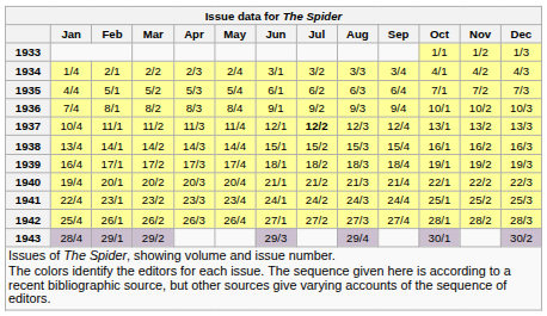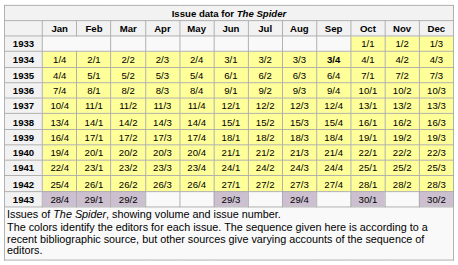 <table class="wikitable collapsible collapsed" style="width:500px; font-size: 8pt; line-height: 9pt; margin-right: 2em; text-align: center; float: left">
 <tr>
 <th colspan="13">Issue data for <em>The Spider</em></th>
 </tr>
 <tr>
 <th></th>
 <th>Jan</th>
 <th>Feb</th>
 <th>Mar</th>
 <th>Apr</th>
 <th>May</th>
 <th>Jun</th>
 <th>Jul</th>
 <th>Aug</th>
 <th>Sep</th>
 <th>Oct</th>
 <th>Nov</th>
 <th>Dec</th>
 </tr>
 <tr>
 <th>1933</th>
 <td colspan="2"></td>
 <td></td>
 <td></td>
 <td></td>
 <td></td>
 <td></td>
 <td></td>
 <td></td>
 <td bgcolor="#ffff99">1/1</td>
 <td bgcolor="#ffff99">1/2</td>
 <td bgcolor="#ffff99">1/3</td>
 </tr>
 <tr>
 <th>1934</th>
 <td bgcolor="#ffff99">1/4</td>
 <td bgcolor="#ffff99">2/1</td>
 <td bgcolor="#ffff99">2/2</td>
 <td bgcolor="#ffff99">2/3</td>
 <td bgcolor="#ffff99">2/4</td>
 <td bgcolor="#ffff99">3/1</td>
 <td bgcolor="#ffff99">3/2</td>
 <td bgcolor="#ffff99">3/3</td>
-<td bgcolor="#ffff99">3/4</td>
+<td bgcolor="#ffff99"><strong>3/4</strong></td>
 <td bgcolor="#ffff99">4/1</td>
 <td bgcolor="#ffff99">4/2</td>
 <td bgcolor="#ffff99">4/3</td>
 </tr>
 <tr>
 <th>1935</th>
 <td bgcolor="#ffff99">4/4</td>
 <td bgcolor="#ffff99">5/1</td>
 <td bgcolor="#ffff99">5/2</td>
 <td bgcolor="#ffff99">5/3</td>
 <td bgcolor="#ffff99">5/4</td>
 <td bgcolor="#ffff99">6/1</td>
 <td bgcolor="#ffff99">6/2</td>
 <td bgcolor="#ffff99">6/3</td>
 <td bgcolor="#ffff99">6/4</td>
 <td bgcolor="#ffff99">7/1</td>
 <td bgcolor="#ffff99">7/2</td>
 <td bgcolor="#ffff99">7/3</td>
 </tr>
 <tr>
 <th>1936</th>
 <td bgcolor="#ffff99">7/4</td>
 <td bgcolor="#ffff99">8/1</td>
 <td bgcolor="#ffff99">8/2</td>
 <td bgcolor="#ffff99">8/3</td>
 <td bgcolor="#ffff99">8/4</td>
 <td bgcolor="#ffff99">9/1</td>
 <td bgcolor="#ffff99">9/2</td>
 <td bgcolor="#ffff99">9/3</td>
 <td bgcolor="#ffff99">9/4</td>
 <td bgcolor="#ffff99">10/1</td>
 <td bgcolor="#ffff99">10/2</td>
 <td bgcolor="#ffff99">10/3</td>
 </tr>
 <tr>
 <th>1937</th>
 <td bgcolor="#ffff99">10/4</td>
 <td bgcolor="#ffff99">11/1</td>
 <td bgcolor="#ffff99">11/2</td>
 <td bgcolor="#ffff99">11/3</td>
 <td bgcolor="#ffff99">11/4</td>
 <td bgcolor="#ffff99">12/1</td>
-<td bgcolor="#ffff99"><strong>12/2</strong></td>
+<td bgcolor="#ffff99">12/2</td>
 <td bgcolor="#ffff99">12/3</td>
 <td bgcolor="#ffff99">12/4</td>
 <td bgcolor="#ffff99">13/1</td>
 <td bgcolor="#ffff99">13/2</td>
 <td bgcolor="#ffff99">13/3</td>
 </tr>
 <tr>
 <th>1938</th>
 <td bgcolor="#ffff99">13/4</td>
 <td bgcolor="#ffff99">14/1</td>
 <td bgcolor="#ffff99">14/2</td>
 <td bgcolor="#ffff99">14/3</td>
 <td bgcolor="#ffff99">14/4</td>
 <td bgcolor="#ffff99">15/1</td>
 <td bgcolor="#ffff99">15/2</td>
 <td bgcolor="#ffff99">15/3</td>
 <td bgcolor="#ffff99">15/4</td>
 <td bgcolor="#ffff99">16/1</td>
 <td bgcolor="#ffff99">16/2</td>
 <td bgcolor="#ffff99">16/3</td>
 </tr>
 <tr>
 <th>1939</th>
 <td bgcolor="#ffff99">16/4</td>
 <td bgcolor="#ffff99">17/1</td>
 <td bgcolor="#ffff99">17/2</td>
 <td bgcolor="#ffff99">17/3</td>
 <td bgcolor="#ffff99">17/4</td>
 <td bgcolor="#ffff99">18/1</td>
 <td bgcolor="#ffff99">18/2</td>
 <td bgcolor="#ffff99">18/3</td>
 <td bgcolor="#ffff99">18/4</td>
 <td bgcolor="#ffff99">19/1</td>
 <td bgcolor="#ffff99">19/2</td>
 <td bgcolor="#ffff99">19/3</td>
 </tr>
 <tr>
 <th>1940</th>
 <td bgcolor="#ffff99">19/4</td>
 <td bgcolor="#ffff99">20/1</td>
 <td bgcolor="#ffff99">20/2</td>
 <td bgcolor="#ffff99">20/3</td>
 <td bgcolor="#ffff99">20/4</td>
 <td bgcolor="#ffff99">21/1</td>
 <td bgcolor="#ffff99">21/2</td>
 <td bgcolor="#ffff99">21/3</td>
 <td bgcolor="#ffff99">21/4</td>
 <td bgcolor="#ffff99">22/1</td>
 <td bgcolor="#ffff99">22/2</td>
 <td bgcolor="#ffff99">22/3</td>
 </tr>
 <tr>
 <th>1941</th>
 <td bgcolor="#ffff99">22/4</td>
 <td bgcolor="#ffff99">23/1</td>
 <td bgcolor="#ffff99">23/2</td>
 <td bgcolor="#ffff99">23/3</td>
 <td bgcolor="#ffff99">23/4</td>
 <td bgcolor="#ffff99">24/1</td>
 <td bgcolor="#ffff99">24/2</td>
 <td bgcolor="#ffff99">24/3</td>
 <td bgcolor="#ffff99">24/4</td>
 <td bgcolor="#ffff99">25/1</td>
 <td bgcolor="#ffff99">25/2</td>
 <td bgcolor="#ffff99">25/3</td>
 </tr>
 <tr>
 <th>1942</th>
 <td bgcolor="#ffff99">25/4</td>
 <td bgcolor="#ffff99">26/1</td>
 <td bgcolor="#ffff99">26/2</td>
 <td bgcolor="#ffff99">26/3</td>
 <td bgcolor="#ffff99">26/4</td>
 <td bgcolor="#ffff99">27/1</td>
 <td bgcolor="#ffff99">27/2</td>
 <td bgcolor="#ffff99">27/3</td>
 <td bgcolor="#ffff99">27/4</td>
 <td bgcolor="#ffff99">28/1</td>
 <td bgcolor="#ffff99">28/2</td>
 <td bgcolor="#ffff99">28/3</td>
 </tr>
 <tr>
 <th>1943</th>
 <td bgcolor="#ccc0d0">28/4</td>
 <td bgcolor="#ccc0d0">29/1</td>
 <td bgcolor="#ccc0d0">29/2</td>
 <td></td>
 <td></td>
 <td bgcolor="#ccc0d0">29/3</td>
 <td></td>
 <td bgcolor="#ccc0d0">29/4</td>
 <td></td>
 <td bgcolor="#ccc0d0">30/1</td>
 <td></td>
 <td bgcolor="#ccc0d0">30/2</td>
 </tr>
 <tr>
 <td colspan="13" style="font-size: 9pt; text-align:left; line-height: 10pt;">Issues of <em>The Spider</em>, showing volume and issue number.<br>The colors identify the editors for each issue.  The sequence given here is according to a recent bibliographic source, but other sources give varying accounts of the sequence of editors.<br> </td>
 </tr>
 </table>
